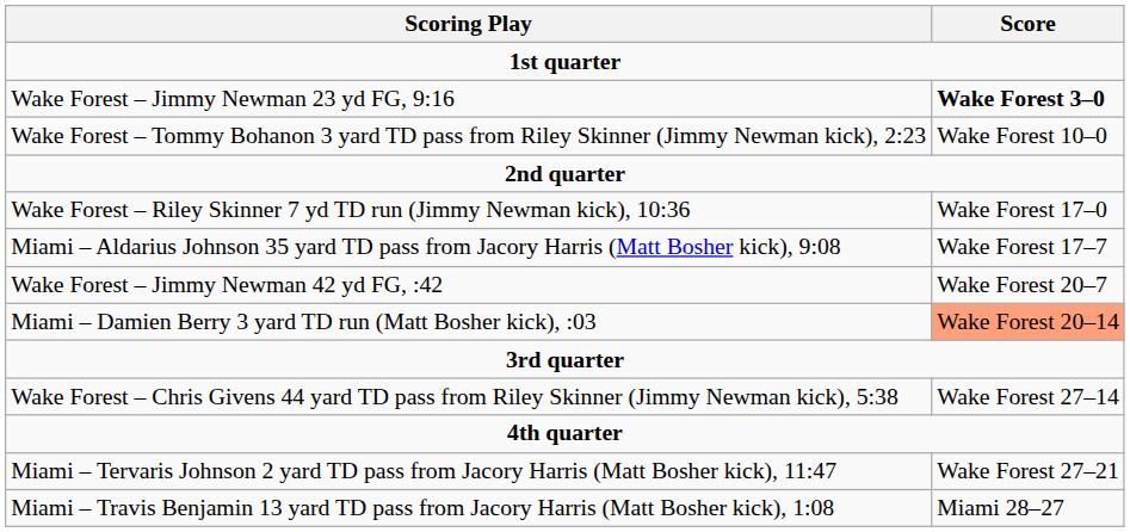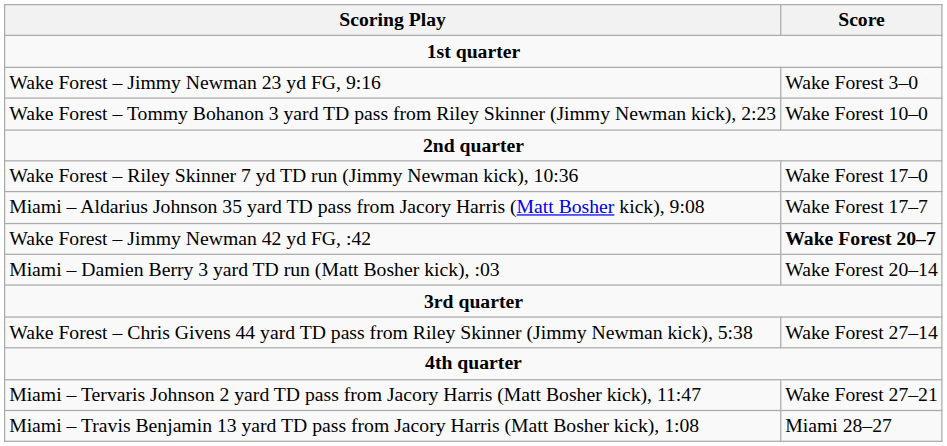 <table class="wikitable">
 <tr>
 <th>Scoring Play</th>
 <th>Score</th>
 </tr>
 <tr>
 <td colspan="4" align="center"><strong>1st quarter</strong></td>
 </tr>
 <tr>
 <td>Wake Forest – Jimmy Newman 23 yd FG, 9:16</td>
-<td><strong>Wake Forest 3–0</strong></td>
+<td>Wake Forest 3–0</td>
 </tr>
 <tr>
 <td>Wake Forest – Tommy Bohanon 3 yard TD pass from Riley Skinner (Jimmy Newman kick), 2:23</td>
 <td>Wake Forest 10–0</td>
 </tr>
 <tr>
 <td colspan="4" align="center"><strong>2nd quarter</strong></td>
 </tr>
 <tr>
 <td>Wake Forest – Riley Skinner 7 yd TD run (Jimmy Newman kick), 10:36</td>
 <td>Wake Forest 17–0</td>
 </tr>
 <tr>
 <td>Miami – Aldarius Johnson 35 yard TD pass from Jacory Harris (<a href='#'>Matt Bosher</a> kick), 9:08</td>
 <td>Wake Forest 17–7</td>
 </tr>
 <tr>
 <td>Wake Forest – Jimmy Newman 42 yd FG, :42</td>
-<td>Wake Forest 20–7</td>
+<td><strong>Wake Forest 20–7</strong></td>
 </tr>
 <tr>
 <td>Miami – Damien Berry 3 yard TD run (Matt Bosher kick), :03</td>
-<td style="background: lightsalmon;">Wake Forest 20–14</td>
+<td>Wake Forest 20–14</td>
 </tr>
 <tr>
 <td colspan="6" align="center"><strong>3rd quarter</strong></td>
 </tr>
 <tr>
 <td>Wake Forest – Chris Givens 44 yard TD pass from Riley Skinner (Jimmy Newman kick), 5:38</td>
 <td>Wake Forest 27–14</td>
 </tr>
 <tr>
 <td colspan="6" align="center"><strong>4th quarter</strong></td>
 </tr>
 <tr>
 <td>Miami – Tervaris Johnson 2 yard TD pass from Jacory Harris (Matt Bosher kick), 11:47</td>
 <td>Wake Forest 27–21</td>
 </tr>
 <tr>
 <td>Miami – Travis Benjamin 13 yard TD pass from Jacory Harris (Matt Bosher kick), 1:08</td>
 <td>Miami 28–27</td>
 </tr>
 </table>
